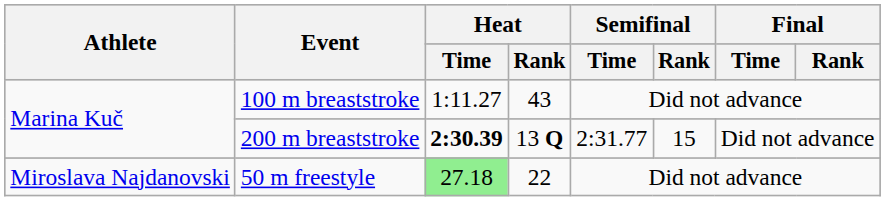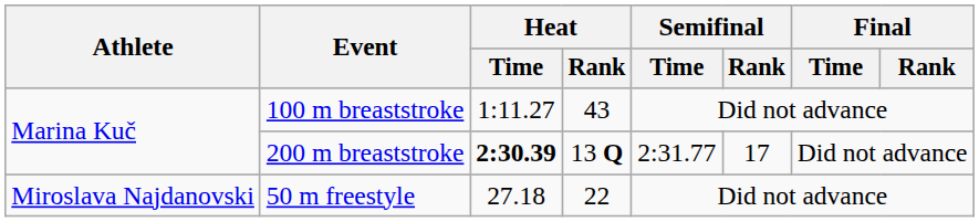 <table class=wikitable style="font-size:90%">
 <tr>
 <th rowspan="2">Athlete</th>
 <th rowspan="2">Event</th>
 <th colspan="2">Heat</th>
 <th colspan="2">Semifinal</th>
 <th colspan="2">Final</th>
 </tr>
 <tr style="font-size:95%">
 <th>Time</th>
 <th>Rank</th>
 <th>Time</th>
 <th>Rank</th>
 <th>Time</th>
 <th>Rank</th>
 </tr>
 <tr align=center>
 <td align=left rowspan=2><a href='#'>Marina Kuč</a></td>
 <td align=left><a href='#'>100 m breaststroke</a></td>
 <td>1:11.27</td>
 <td>43</td>
 <td colspan=4>Did not advance</td>
 </tr>
 <tr align=center>
 <td align=left><a href='#'>200 m breaststroke</a></td>
 <td><strong>2:30.39</strong></td>
 <td>13 <strong>Q</strong></td>
 <td>2:31.77</td>
-<td>15</td>
+<td>17</td>
 <td colspan=2>Did not advance</td>
 </tr>
 <tr align=center>
 <td align=left><a href='#'>Miroslava Najdanovski</a></td>
 <td align=left><a href='#'>50 m freestyle</a></td>
-<td style="background: lightgreen;">27.18</td>
+<td>27.18</td>
 <td>22</td>
 <td colspan=4>Did not advance</td>
 </tr>
 </table>
